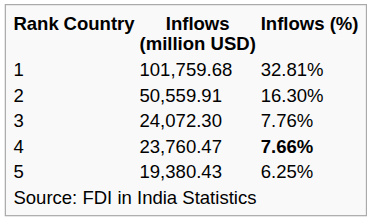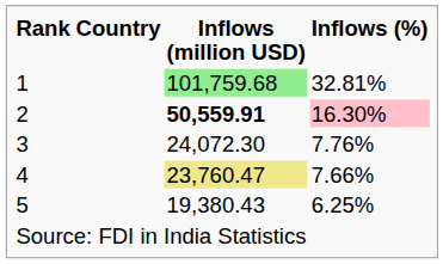 <table class="infobox" style="font-size: 95%">
 <tr>
 <th>Rank</th>
 <th>Country</th>
 <th>Inflows<br> (million USD)</th>
 <th>Inflows (%)</th>
 </tr>
 <tr>
 <td>1</td>
 <td></td>
-<td>101,759.68</td>
+<td style="background: lightgreen;">101,759.68</td>
 <td>32.81%</td>
 </tr>
 <tr>
 <td>2</td>
 <td></td>
-<td>50,559.91</td>
-<td>16.30%</td>
+<td><strong>50,559.91</strong></td>
+<td style="background: pink;">16.30%</td>
 </tr>
 <tr>
 <td>3</td>
 <td></td>
 <td>24,072.30</td>
 <td>7.76%</td>
 </tr>
 <tr>
 <td>4</td>
 <td></td>
-<td>23,760.47</td>
-<td><strong>7.66%</strong></td>
+<td style="background: khaki;">23,760.47</td>
+<td>7.66%</td>
 </tr>
 <tr>
 <td>5</td>
 <td></td>
 <td>19,380.43</td>
 <td>6.25%</td>
 </tr>
 <tr>
 <td colspan=4>Source: FDI in India Statistics</td>
 </tr>
 </table>
